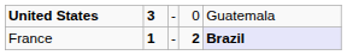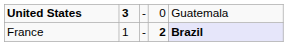 <table class="wikitable">
 <tr>
 <td width=150> <strong>United States</strong></td>
 <td style="width:20px; text-align:left;"><strong>3</strong></td>
 <td>-</td>
 <td style="width:20px; text-align:right;">0</td>
 <td width=150> Guatemala</td>
 </tr>
 <tr>
 <td> France</td>
-<td style="text-align:left;"><strong>1</strong></td>
+<td style="text-align:left;">1</td>
 <td>-</td>
 <td style="text-align:right;"><strong>2</strong></td>
 <td style="background: lavender;"> <strong>Brazil</strong></td>
 </tr>
 </table>
